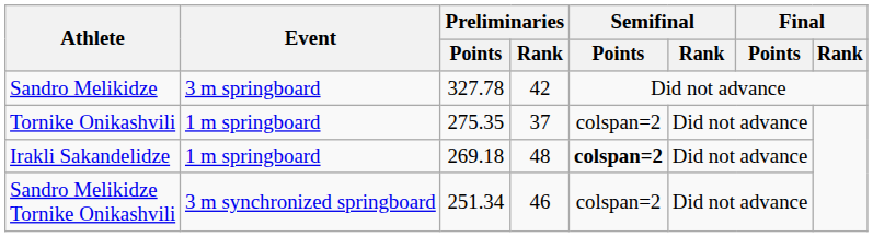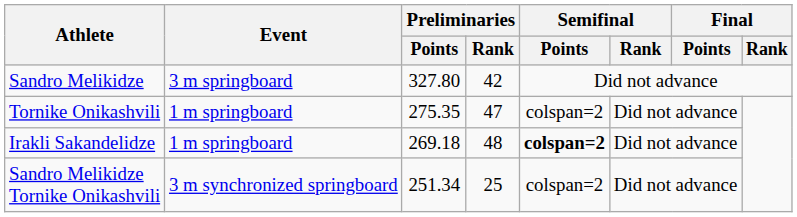 <table class="wikitable" style="text-align:center; font-size:90%;">
 <tr>
 <th rowspan=2>Athlete</th>
 <th rowspan=2>Event</th>
 <th colspan=2>Preliminaries</th>
 <th colspan=2>Semifinal</th>
 <th colspan=2>Final</th>
 </tr>
 <tr style="font-size:95%">
 <th>Points</th>
 <th>Rank</th>
 <th>Points</th>
 <th>Rank</th>
 <th>Points</th>
 <th>Rank</th>
 </tr>
 <tr>
 <td align=left><a href='#'>Sandro Melikidze</a></td>
 <td align=left><a href='#'>3 m springboard</a></td>
-<td>327.78</td>
+<td>327.80</td>
 <td>42</td>
 <td colspan=4>Did not advance</td>
 </tr>
 <tr>
 <td align=left><a href='#'>Tornike Onikashvili</a></td>
 <td align=left><a href='#'>1 m springboard</a></td>
 <td>275.35</td>
-<td>37</td>
+<td>47</td>
 <td>colspan=2 </td>
 <td colspan=2>Did not advance</td>
 </tr>
 <tr>
 <td align=left><a href='#'>Irakli Sakandelidze</a></td>
 <td align=left><a href='#'>1 m springboard</a></td>
 <td>269.18</td>
 <td>48</td>
 <td><strong>colspan=2 </strong></td>
 <td colspan=2>Did not advance</td>
 </tr>
 <tr>
 <td align=left><a href='#'>Sandro Melikidze</a> <br> <a href='#'>Tornike Onikashvili</a></td>
 <td align=left><a href='#'>3 m synchronized springboard</a></td>
 <td>251.34</td>
-<td>46</td>
+<td>25</td>
 <td>colspan=2 </td>
 <td colspan=2>Did not advance</td>
 </tr>
 </table>
